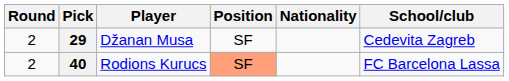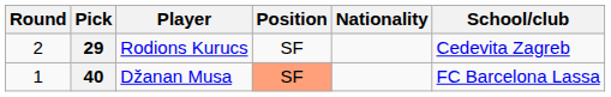 <table class="wikitable">
 <tr>
 <th scope="col">Round</th>
 <th scope="col">Pick</th>
 <th scope="col">Player</th>
 <th scope="col">Position</th>
 <th scope="col">Nationality</th>
 <th scope="col">School/club</th>
 </tr>
 <tr>
 <td style="text-align:center;">2</td>
 <th scope="row">29</th>
-<td><a href='#'>Džanan Musa</a></td>
+<td><a href='#'>Rodions Kurucs</a></td>
 <td style="text-align:center;">SF</td>
 <td></td>
 <td><a href='#'>Cedevita Zagreb</a></td>
 </tr>
 <tr>
-<td style="text-align:center;">2</td>
+<td style="text-align:center;">1</td>
 <th scope="row">40</th>
-<td><a href='#'>Rodions Kurucs</a></td>
+<td><a href='#'>Džanan Musa</a></td>
 <td style="background: lightsalmon; text-align:center;">SF</td>
 <td></td>
 <td><a href='#'>FC Barcelona Lassa</a></td>
 </tr>
 </table>
